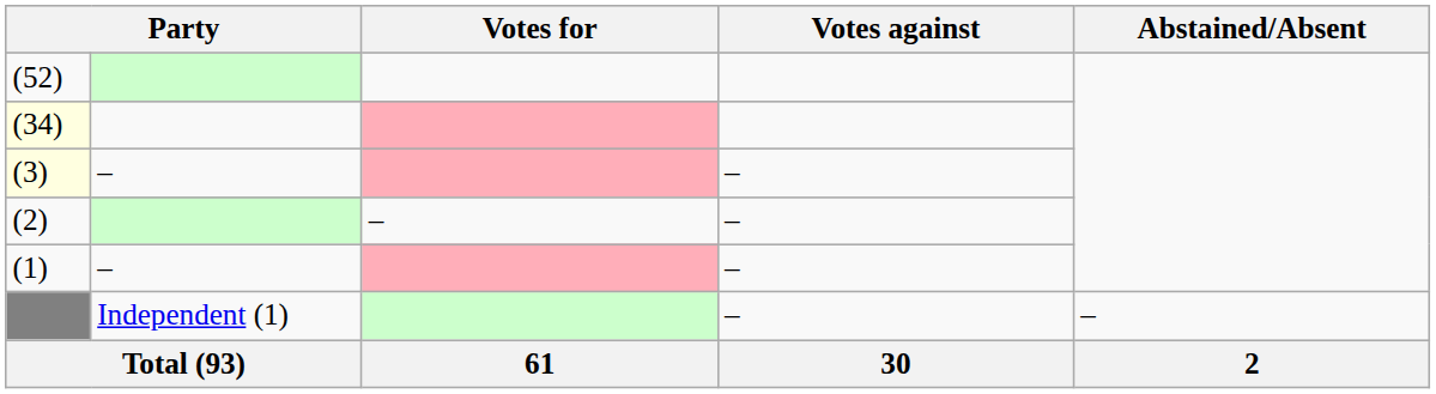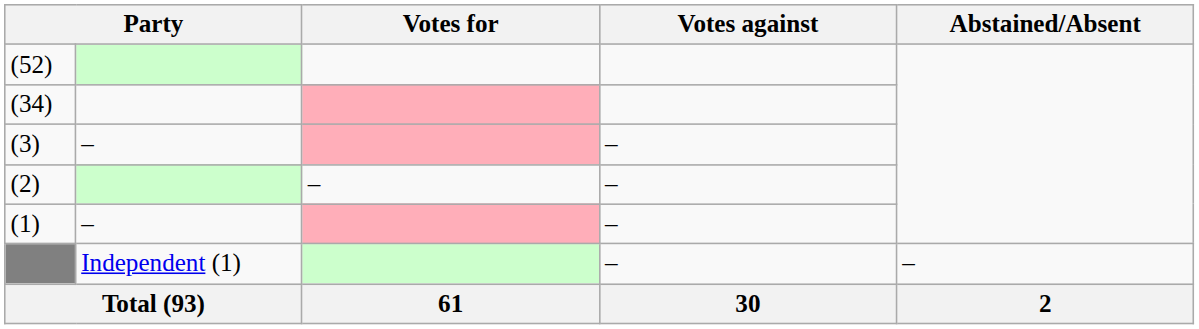 <table class="wikitable" style="width:60%">
 <tr>
 <th style="width:20%;" colspan="2">Party</th>
 <th style="width:20%;">Votes for</th>
 <th style="width:20%;">Votes against</th>
 <th style="width:20%;">Abstained/Absent</th>
 </tr>
 <tr>
 <td> (52)</td>
 <td style="background-color:#CCFFCC;"></td>
 <td></td>
 <td></td>
 </tr>
 <tr>
-<td style="background: lightyellow;"> (34)</td>
+<td> (34)</td>
 <td></td>
 <td style="background-color:#FFAEB9;"></td>
 <td></td>
 </tr>
 <tr>
-<td style="background: lightyellow;"> (3)</td>
+<td> (3)</td>
 <td>–</td>
 <td style="background-color:#FFAEB9;"></td>
 <td>–</td>
 </tr>
 <tr>
 <td> (2)</td>
 <td style="background-color:#CCFFCC;"></td>
 <td>–</td>
 <td>–</td>
 </tr>
 <tr>
 <td> (1)</td>
 <td>–</td>
 <td style="background-color:#FFAEB9;"></td>
 <td>–</td>
 </tr>
 <tr>
 <td style="background:grey;"></td>
 <td align=left><a href='#'>Independent</a> (1)</td>
 <td style="background-color:#CCFFCC;"></td>
 <td>–</td>
 <td>–</td>
 </tr>
 <tr>
 <th colspan=2>Total (93)</th>
 <th>61</th>
 <th>30</th>
 <th>2</th>
 </tr>
 </table>
